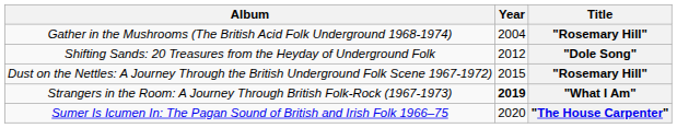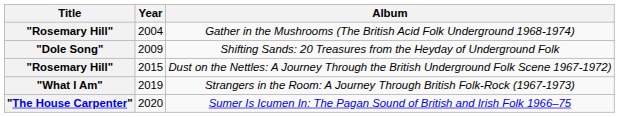 <table class="wikitable plainrowheaders" style="text-align:center;">
 <tr>
+<th scope="col">Title</th>
+<th scope="col">Year</th>
 <th scope="col">Album</th>
-<th scope="col">Year</th>
-<th scope="col">Title</th>
 </tr>
 <tr>
+<th scope="row">"Rosemary Hill"</th>
+<td>2004</td>
 <td><em>Gather in the Mushrooms (The British Acid Folk Underground 1968-1974)</em></td>
-<td>2004</td>
-<th scope="row">"Rosemary Hill"</th>
 </tr>
 <tr>
+<th scope="row">"Dole Song"</th>
+<td>2009</td>
 <td><em>Shifting Sands: 20 Treasures from the Heyday of Underground Folk</em></td>
-<td>2012</td>
-<th scope="row">"Dole Song"</th>
 </tr>
 <tr>
+<th scope="row">"Rosemary Hill"</th>
+<td>2015</td>
 <td><em>Dust on the Nettles: A Journey Through the British Underground Folk Scene 1967-1972)</em></td>
-<td>2015</td>
-<th scope="row">"Rosemary Hill"</th>
 </tr>
 <tr>
+<th scope="row">"What I Am"</th>
+<td>2019</td>
 <td><em>Strangers in the Room: A Journey Through British Folk-Rock (1967-1973)</em></td>
-<td><strong>2019</strong></td>
-<th scope="row">"What I Am"</th>
 </tr>
 <tr>
+<th scope="row">"<a href='#'>The House Carpenter</a>"</th>
+<td>2020</td>
 <td><em><a href='#'>Sumer Is Icumen In: The Pagan Sound of British and Irish Folk 1966–75</a></em></td>
-<td>2020</td>
-<th scope="row">"<a href='#'>The House Carpenter</a>"</th>
 </tr>
 </table>
